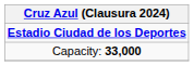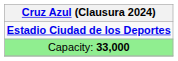 <table class="wikitable" style="text-align:center">
 <tr>
 <th><a href='#'>Cruz Azul</a> (Clausura 2024)</th>
 </tr>
 <tr>
 <td><strong><a href='#'>Estadio Ciudad de los Deportes</a></strong></td>
 </tr>
 <tr>
-<td>Capacity: <strong>33,000</strong></td>
+<td style="background: lightgreen;">Capacity: <strong>33,000</strong></td>
 </tr>
 <tr>
 </tr>
 </table>
